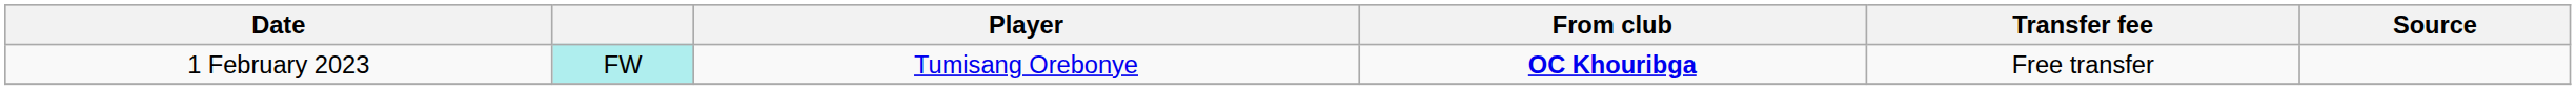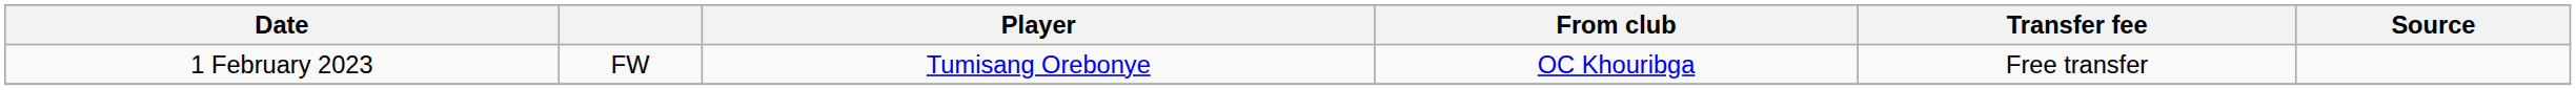 <table class="wikitable sortable" style="width:75%; text-align:center; font-size:90%; text-align:centre;">
 <tr>
 <th>Date</th>
 <th></th>
 <th>Player</th>
 <th>From club</th>
 <th>Transfer fee</th>
 <th>Source</th>
 </tr>
 <tr>
 <td>1 February 2023</td>
-<td style="background: paleturquoise;">FW</td>
+<td>FW</td>
 <td> <a href='#'>Tumisang Orebonye</a></td>
-<td><strong> <a href='#'>OC Khouribga</a></strong></td>
+<td> <a href='#'>OC Khouribga</a></td>
 <td>Free transfer</td>
 <td></td>
 </tr>
 <tr>
 </tr>
 </table>
